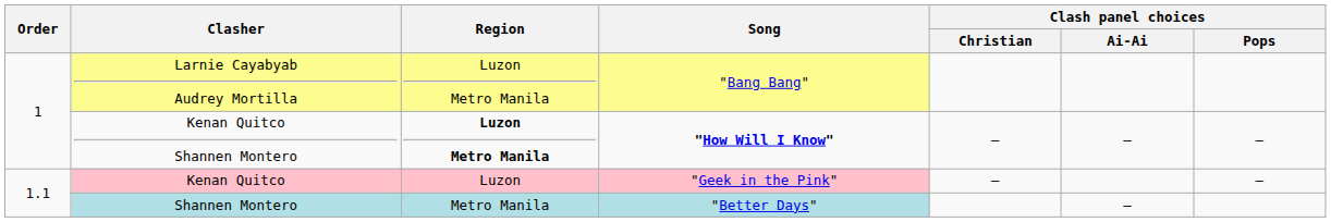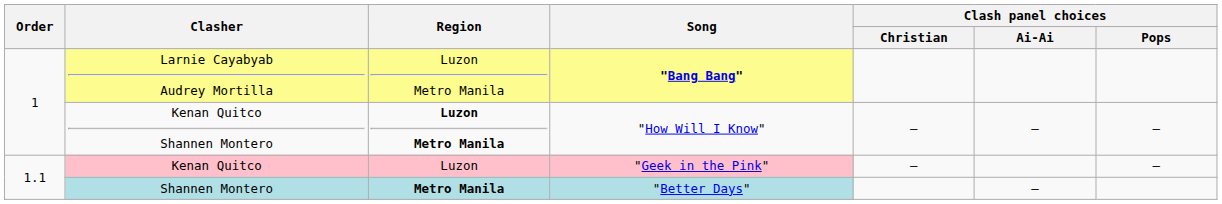 <table class="wikitable" style="text-align:center; line-height:17px; width:100%;">
 <tr>
 <th rowspan="2" width="5%">Order</th>
 <th rowspan="2" width="25%">Clasher</th>
 <th rowspan="2">Region</th>
 <th rowspan="2" width="25%">Song</th>
 <th colspan="3" width="30%">Clash panel choices</th>
 </tr>
 <tr>
 <th width="10%">Christian</th>
 <th width="10%">Ai-Ai</th>
 <th width="10%">Pops</th>
 </tr>
 <tr>
 <td rowspan="2">1</td>
 <td style="background:#fdfc8f;">Larnie Cayabyab<hr>Audrey Mortilla</td>
 <td style="background:#fdfc8f;">Luzon<hr>Metro Manila</td>
-<td style="background:#fdfc8f;">"<a href='#'>Bang Bang</a>"</td>
+<td style="background:#fdfc8f;"><strong>"<a href='#'>Bang Bang</a>"</strong></td>
 <td><strong></strong></td>
 <td><strong></strong></td>
 <td><strong></strong></td>
 </tr>
 <tr>
 <td>Kenan Quitco<hr>Shannen Montero</td>
 <td><strong>Luzon <hr>Metro Manila</strong></td>
-<td><strong>"<a href='#'>How Will I Know</a>"</strong></td>
+<td>"<a href='#'>How Will I Know</a>"</td>
 <td>—</td>
 <td>—</td>
 <td>—</td>
 </tr>
 <tr>
 <td rowspan="2">1.1</td>
 <td style="background:pink;">Kenan Quitco</td>
 <td style="background:pink;">Luzon</td>
 <td style="background:pink;">"<a href='#'>Geek in the Pink</a>"</td>
 <td>—</td>
 <td><strong></strong></td>
 <td>—</td>
 </tr>
 <tr>
 <td style="background:#b0e0e6;">Shannen Montero</td>
-<td style="background:#b0e0e6;">Metro Manila</td>
+<td style="background:#b0e0e6;"><strong>Metro Manila</strong></td>
 <td style="background:#b0e0e6;">"<a href='#'>Better Days</a>"</td>
 <td><strong></strong></td>
 <td>—</td>
 <td><strong></strong></td>
 </tr>
 </table>
